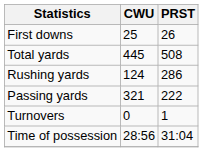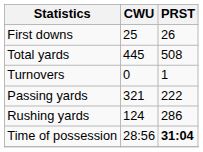 <table class="wikitable">
 <tr>
 <th>Statistics</th>
 <th>CWU</th>
 <th>PRST</th>
 </tr>
 <tr>
 <td>First downs</td>
 <td>25</td>
 <td>26</td>
 </tr>
 <tr>
 <td>Total yards</td>
 <td>445</td>
 <td>508</td>
 </tr>
 <tr>
-<td>Rushing yards</td>
-<td>124</td>
-<td>286</td>
+<td>Turnovers</td>
+<td>0</td>
+<td>1</td>
 </tr>
 <tr>
 <td>Passing yards</td>
 <td>321</td>
 <td>222</td>
 </tr>
 <tr>
-<td>Turnovers</td>
-<td>0</td>
-<td>1</td>
+<td>Rushing yards</td>
+<td>124</td>
+<td>286</td>
 </tr>
 <tr>
 <td>Time of possession</td>
 <td>28:56</td>
-<td>31:04</td>
+<td><strong>31:04</strong></td>
 </tr>
 <tr>
 </tr>
 </table>
